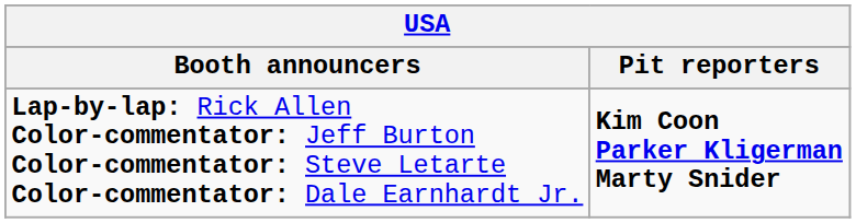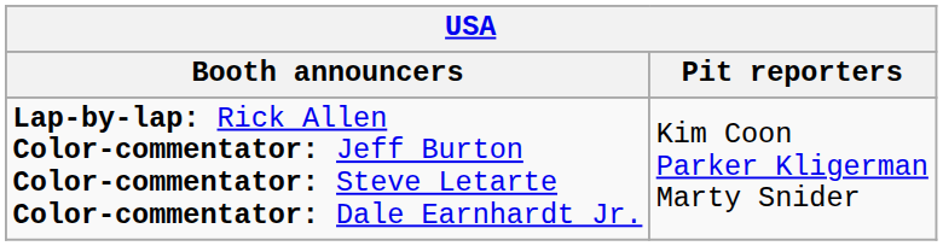 <table class="wikitable" style="font-size: 95%">
 <tr>
 <th colspan="2"><a href='#'>USA</a></th>
 </tr>
 <tr>
 <th>Booth announcers</th>
 <th>Pit reporters</th>
 </tr>
 <tr>
 <td><strong>Lap-by-lap:</strong> <a href='#'>Rick Allen</a><br><strong>Color-commentator:</strong> <a href='#'>Jeff Burton</a><br><strong>Color-commentator:</strong> <a href='#'>Steve Letarte</a><br><strong>Color-commentator:</strong> <a href='#'>Dale Earnhardt Jr.</a></td>
-<td><strong>Kim Coon<br><a href='#'>Parker Kligerman</a><br>Marty Snider</strong></td>
+<td>Kim Coon<br><a href='#'>Parker Kligerman</a><br>Marty Snider</td>
 </tr>
 </table>
